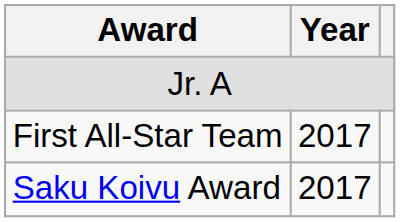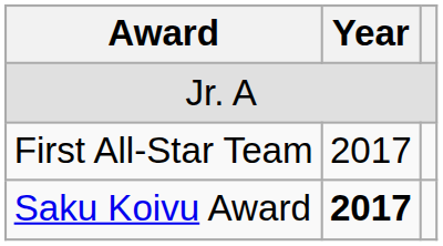 <table class="wikitable">
 <tr>
 <th>Award</th>
 <th>Year</th>
 <th></th>
 </tr>
 <tr ALIGN="center" bgcolor="#e0e0e0">
 <td colspan="3">Jr. A</td>
 </tr>
 <tr>
 <td>First All-Star Team</td>
 <td>2017</td>
 <td></td>
 </tr>
 <tr>
 <td><a href='#'>Saku Koivu</a> Award</td>
-<td>2017</td>
+<td><strong>2017</strong></td>
 <td></td>
 </tr>
 </table>
